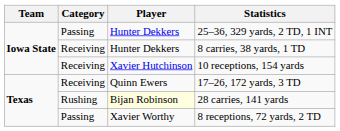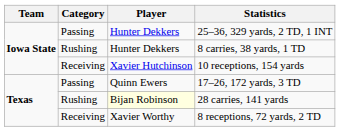 <table class="wikitable" style="float: right;">
 <tr>
 <th>Team</th>
 <th>Category</th>
 <th>Player</th>
 <th>Statistics</th>
 </tr>
 <tr>
 <td rowspan=3><strong>Iowa State</strong></td>
 <td>Passing</td>
 <td><a href='#'>Hunter Dekkers</a></td>
 <td>25–36, 329 yards, 2 TD, 1 INT</td>
 </tr>
 <tr>
-<td>Receiving</td>
+<td>Rushing</td>
 <td>Hunter Dekkers</td>
 <td>8 carries, 38 yards, 1 TD</td>
 </tr>
 <tr>
 <td>Receiving</td>
 <td><a href='#'>Xavier Hutchinson</a></td>
 <td>10 receptions, 154 yards</td>
 </tr>
 <tr>
 <td rowspan=3><strong>Texas</strong></td>
-<td>Receiving</td>
+<td>Passing</td>
 <td>Quinn Ewers</td>
 <td>17–26, 172 yards, 3 TD</td>
 </tr>
 <tr>
 <td>Rushing</td>
 <td style="background: lightyellow;">Bijan Robinson</td>
 <td>28 carries, 141 yards</td>
 </tr>
 <tr>
-<td>Passing</td>
+<td>Receiving</td>
 <td>Xavier Worthy</td>
 <td>8 receptions, 72 yards, 2 TD</td>
 </tr>
 </table>
